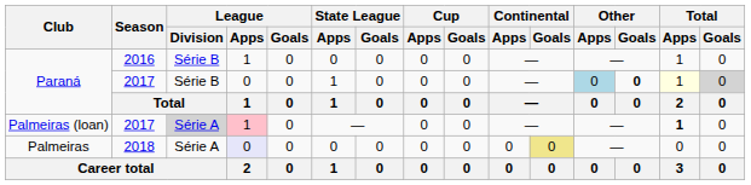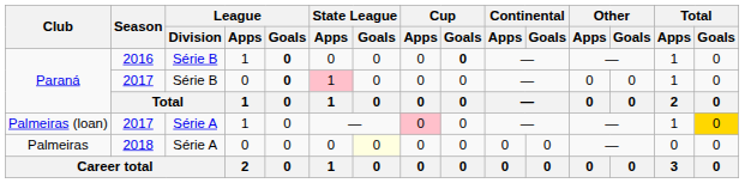 <table class="wikitable" style="text-align: center;">
 <tr>
 <th rowspan="2">Club</th>
 <th rowspan="2">Season</th>
 <th colspan="3">League</th>
 <th colspan="2">State League</th>
 <th colspan="2">Cup</th>
 <th colspan="2">Continental</th>
 <th colspan="2">Other</th>
 <th colspan="2">Total</th>
 </tr>
 <tr>
 <th>Division</th>
 <th>Apps</th>
 <th>Goals</th>
 <th>Apps</th>
 <th>Goals</th>
 <th>Apps</th>
 <th>Goals</th>
 <th>Apps</th>
 <th>Goals</th>
 <th>Apps</th>
 <th>Goals</th>
 <th>Apps</th>
 <th>Goals</th>
 </tr>
 <tr>
 <td rowspan="3"><a href='#'>Paraná</a></td>
 <td><a href='#'>2016</a></td>
 <td><a href='#'>Série B</a></td>
 <td>1</td>
+<td><strong>0</strong></td>
 <td>0</td>
 <td>0</td>
 <td>0</td>
-<td>0</td>
-<td>0</td>
+<td><strong>0</strong></td>
 <td colspan="2">—</td>
 <td colspan="2">—</td>
 <td>1</td>
 <td>0</td>
 </tr>
 <tr>
 <td><a href='#'>2017</a></td>
 <td>Série B</td>
 <td>0</td>
-<td>0</td>
-<td>1</td>
+<td><strong>0</strong></td>
+<td style="background: pink;">1</td>
 <td>0</td>
 <td>0</td>
 <td>0</td>
 <td colspan="2">—</td>
-<td style="background: lightblue;">0</td>
-<td><strong>0</strong></td>
-<td style="background: lightyellow;">1</td>
-<td style="background: lightgrey;">0</td>
+<td>0</td>
+<td>0</td>
+<td>1</td>
+<td>0</td>
 </tr>
 <tr>
 <th colspan="2">Total</th>
 <th>1</th>
 <th>0</th>
 <th>1</th>
 <th>0</th>
 <th>0</th>
 <th>0</th>
 <th colspan="2">—</th>
 <th>0</th>
 <th>0</th>
 <th>2</th>
 <th>0</th>
 </tr>
 <tr>
 <td><a href='#'>Palmeiras</a> (loan)</td>
 <td><a href='#'>2017</a></td>
-<td style="background: lightgrey;"><a href='#'>Série A</a></td>
-<td style="background: pink;">1</td>
+<td><a href='#'>Série A</a></td>
+<td>1</td>
 <td>0</td>
 <td colspan="2">—</td>
-<td>0</td>
+<td style="background: pink;">0</td>
 <td>0</td>
 <td colspan="2">—</td>
 <td colspan="2">—</td>
-<td><strong>1</strong></td>
-<td>0</td>
+<td>1</td>
+<td style="background: gold;">0</td>
 </tr>
 <tr>
 <td>Palmeiras</td>
 <td><a href='#'>2018</a></td>
 <td>Série A</td>
-<td style="background: lavender;">0</td>
+<td>0</td>
+<td>0</td>
+<td>0</td>
+<td style="background: lightyellow;">0</td>
 <td>0</td>
 <td>0</td>
 <td>0</td>
 <td>0</td>
-<td>0</td>
-<td>0</td>
-<td style="background: khaki;">0</td>
 <td colspan="2">—</td>
 <td>0</td>
 <td>0</td>
 </tr>
 <tr>
 <th colspan="3">Career total</th>
 <th>2</th>
 <th>0</th>
 <th>1</th>
 <th>0</th>
 <th>0</th>
 <th>0</th>
 <th>0</th>
 <th>0</th>
 <th>0</th>
 <th>0</th>
 <th>3</th>
 <th>0</th>
 </tr>
 </table>
